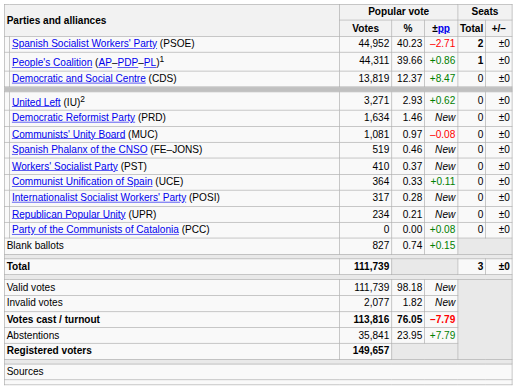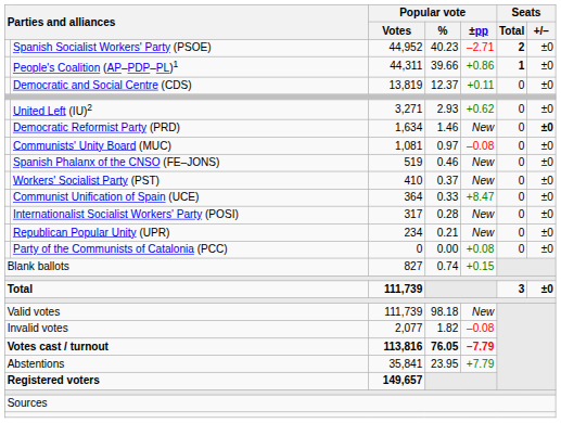 <table class="wikitable" style="text-align:right;">
 <tr>
 <th style="text-align:left;" rowspan="2" colspan="2" width="525">Parties and alliances</th>
 <th colspan="3">Popular vote</th>
 <th colspan="2">Seats</th>
 </tr>
 <tr>
 <th width="75">Votes</th>
 <th width="45">%</th>
 <th width="45">±<a href='#'>pp</a></th>
 <th width="35">Total</th>
 <th width="35">+/−</th>
 </tr>
 <tr>
 <td width="1" style="color:inherit;background:"></td>
 <td align="left"><a href='#'>Spanish Socialist Workers' Party</a> (PSOE)</td>
 <td>44,952</td>
 <td>40.23</td>
 <td style="color:red;">–2.71</td>
 <td><strong>2</strong></td>
 <td>±0</td>
 </tr>
 <tr>
 <td style="color:inherit;background:"></td>
 <td align="left"><a href='#'>People's Coalition</a> (<a href='#'>AP</a>–<a href='#'>PDP</a>–<a href='#'>PL</a>)<sup>1</sup></td>
 <td>44,311</td>
 <td>39.66</td>
 <td style="color:green;">+0.86</td>
 <td><strong>1</strong></td>
 <td>±0</td>
 </tr>
 <tr>
 <td style="color:inherit;background:"></td>
 <td align="left"><a href='#'>Democratic and Social Centre</a> (CDS)</td>
 <td>13,819</td>
 <td>12.37</td>
-<td style="color:green;">+8.47</td>
+<td style="color:green;">+0.11</td>
 <td>0</td>
 <td>±0</td>
 </tr>
 <tr>
 <td colspan="7" bgcolor="#C0C0C0"></td>
 </tr>
 <tr>
 <td style="color:inherit;background:"></td>
 <td align="left"><a href='#'>United Left</a> (IU)<sup>2</sup></td>
 <td>3,271</td>
 <td>2.93</td>
 <td style="color:green;">+0.62</td>
 <td>0</td>
 <td>±0</td>
 </tr>
 <tr>
 <td style="color:inherit;background:"></td>
 <td align="left"><a href='#'>Democratic Reformist Party</a> (PRD)</td>
 <td>1,634</td>
 <td>1.46</td>
 <td><em>New</em></td>
 <td>0</td>
-<td>±0</td>
+<td><strong>±0</strong></td>
 </tr>
 <tr>
 <td style="color:inherit;background:"></td>
 <td align="left"><a href='#'>Communists' Unity Board</a> (MUC)</td>
 <td>1,081</td>
 <td>0.97</td>
 <td style="color:red;">–0.08</td>
 <td>0</td>
 <td>±0</td>
 </tr>
 <tr>
 <td style="color:inherit;background:"></td>
 <td align="left"><a href='#'>Spanish Phalanx of the CNSO</a> (FE–JONS)</td>
 <td>519</td>
 <td>0.46</td>
 <td><em>New</em></td>
 <td>0</td>
 <td>±0</td>
 </tr>
 <tr>
 <td style="color:inherit;background:"></td>
 <td align="left"><a href='#'>Workers' Socialist Party</a> (PST)</td>
 <td>410</td>
 <td>0.37</td>
 <td><em>New</em></td>
 <td>0</td>
 <td>±0</td>
 </tr>
 <tr>
 <td style="color:inherit;background:"></td>
 <td align="left"><a href='#'>Communist Unification of Spain</a> (UCE)</td>
 <td>364</td>
 <td>0.33</td>
-<td style="color:green;">+0.11</td>
+<td style="color:green;">+8.47</td>
 <td>0</td>
 <td>±0</td>
 </tr>
 <tr>
 <td style="color:inherit;background:"></td>
 <td align="left"><a href='#'>Internationalist Socialist Workers' Party</a> (POSI)</td>
 <td>317</td>
 <td>0.28</td>
 <td><em>New</em></td>
 <td>0</td>
 <td>±0</td>
 </tr>
 <tr>
 <td style="color:inherit;background:"></td>
 <td align="left"><a href='#'>Republican Popular Unity</a> (UPR)</td>
 <td>234</td>
 <td>0.21</td>
 <td><em>New</em></td>
 <td>0</td>
 <td>±0</td>
 </tr>
 <tr>
 <td style="color:inherit;background:"></td>
 <td align="left"><a href='#'>Party of the Communists of Catalonia</a> (PCC)</td>
 <td>0</td>
 <td>0.00</td>
 <td style="color:green;">+0.08</td>
 <td>0</td>
 <td>±0</td>
 </tr>
 <tr>
 <td align="left" colspan="2">Blank ballots</td>
 <td>827</td>
 <td>0.74</td>
 <td style="color:green;">+0.15</td>
 <td bgcolor="#E9E9E9" colspan="2"></td>
 </tr>
 <tr>
 <td colspan="7" bgcolor="#E9E9E9"></td>
 </tr>
 <tr style="font-weight:bold;">
 <td align="left" colspan="2">Total</td>
 <td>111,739</td>
 <td bgcolor="#E9E9E9" colspan="2"></td>
 <td>3</td>
 <td>±0</td>
 </tr>
 <tr>
 <td colspan="7" bgcolor="#E9E9E9"></td>
 </tr>
 <tr>
 <td align="left" colspan="2">Valid votes</td>
 <td>111,739</td>
 <td>98.18</td>
 <td><em>New</em></td>
 <td bgcolor="#E9E9E9" colspan="2" rowspan="5"></td>
 </tr>
 <tr>
 <td align="left" colspan="2">Invalid votes</td>
 <td>2,077</td>
 <td>1.82</td>
-<td><em>New</em></td>
+<td style="color:red;">–0.08</td>
 </tr>
 <tr style="font-weight:bold;">
 <td align="left" colspan="2">Votes cast / turnout</td>
 <td>113,816</td>
 <td>76.05</td>
 <td style="color:red;">–7.79</td>
 </tr>
 <tr>
 <td align="left" colspan="2">Abstentions</td>
 <td>35,841</td>
 <td>23.95</td>
 <td style="color:green;">+7.79</td>
 </tr>
 <tr style="font-weight:bold;">
 <td align="left" colspan="2">Registered voters</td>
 <td>149,657</td>
 <td bgcolor="#E9E9E9" colspan="2"></td>
 </tr>
 <tr>
 <td colspan="7" bgcolor="#E9E9E9"></td>
 </tr>
 <tr>
 <td align="left" colspan="7">Sources</td>
 </tr>
 <tr>
 <td colspan="7" style="text-align:left; max-width:790px;"></td>
 </tr>
 </table>
